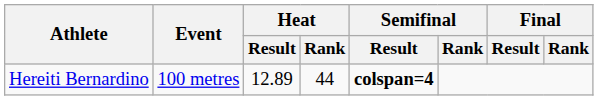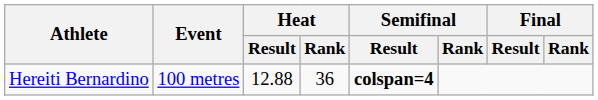 <table class=wikitable style=font-size:90%>
 <tr>
 <th rowspan=2>Athlete</th>
 <th rowspan=2>Event</th>
 <th colspan=2>Heat</th>
 <th colspan=2>Semifinal</th>
 <th colspan=2>Final</th>
 </tr>
 <tr style=font-size:95%>
 <th>Result</th>
 <th>Rank</th>
 <th>Result</th>
 <th>Rank</th>
 <th>Result</th>
 <th>Rank</th>
 </tr>
 <tr align=center>
 <td align=left><a href='#'>Hereiti Bernardino</a></td>
 <td align=left><a href='#'>100 metres</a></td>
-<td>12.89</td>
-<td>44</td>
+<td>12.88</td>
+<td>36</td>
 <td><strong>colspan=4 </strong></td>
 </tr>
 </table>
